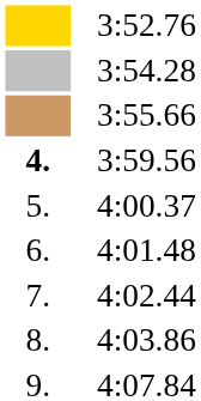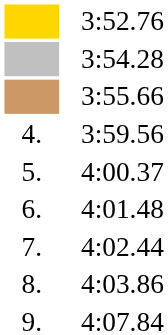 <table style="text-align:center">
 <tr>
 <td width=30 bgcolor=gold></td>
 <td align=left></td>
 <td width=60>3:52.76</td>
 </tr>
 <tr>
 <td bgcolor=silver></td>
 <td align=left></td>
 <td>3:54.28</td>
 </tr>
 <tr>
 <td bgcolor=cc9966></td>
 <td align=left></td>
 <td>3:55.66</td>
 </tr>
 <tr>
-<td><strong>4.</strong></td>
+<td>4.</td>
 <td align=left></td>
 <td>3:59.56</td>
 </tr>
 <tr>
 <td>5.</td>
 <td align=left></td>
 <td>4:00.37</td>
 </tr>
 <tr>
 <td>6.</td>
 <td align=left></td>
 <td>4:01.48</td>
 </tr>
 <tr>
 <td>7.</td>
 <td align=left></td>
 <td>4:02.44</td>
 </tr>
 <tr>
 <td>8.</td>
 <td align=left></td>
 <td>4:03.86</td>
 </tr>
 <tr>
 <td>9.</td>
 <td align=left></td>
 <td>4:07.84</td>
 </tr>
 </table>
